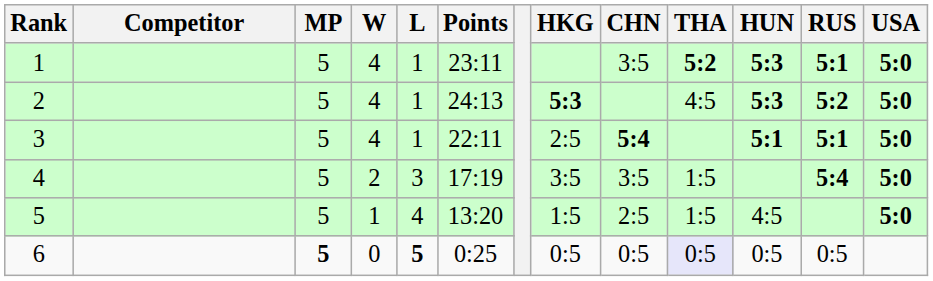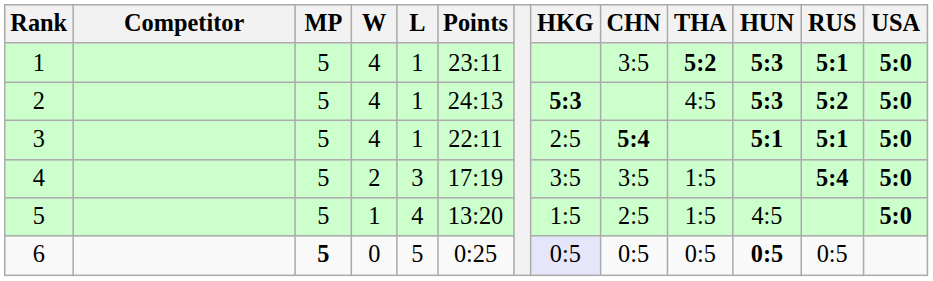 <table class="wikitable" style="text-align:center">
 <tr>
 <th>Rank</th>
 <th style="width:18em">Competitor</th>
 <th style="width:2.5em">MP</th>
 <th style="width:2.5em">W</th>
 <th style="width:2.5em">L</th>
 <th>Points</th>
 <th rowspan="7"> </th>
 <th style="width:2.5em">HKG</th>
 <th style="width:2.5em">CHN</th>
 <th style="width:2.5em">THA</th>
 <th style="width:2.5em">HUN</th>
 <th style="width:2.5em">RUS</th>
 <th style="width:2.5em">USA</th>
 </tr>
 <tr style="background:#cfc;">
 <td>1</td>
 <td style="text-align:left"></td>
 <td>5</td>
 <td>4</td>
 <td>1</td>
 <td>23:11</td>
 <td></td>
 <td>3:5</td>
 <td><strong>5:2</strong></td>
 <td><strong>5:3</strong></td>
 <td><strong>5:1</strong></td>
 <td><strong>5:0</strong></td>
 </tr>
 <tr style="background:#cfc;">
 <td>2</td>
 <td style="text-align:left"></td>
 <td>5</td>
 <td>4</td>
 <td>1</td>
 <td>24:13</td>
 <td><strong>5:3</strong></td>
 <td></td>
 <td>4:5</td>
 <td><strong>5:3</strong></td>
 <td><strong>5:2</strong></td>
 <td><strong>5:0</strong></td>
 </tr>
 <tr style="background:#cfc;">
 <td>3</td>
 <td style="text-align:left"></td>
 <td>5</td>
 <td>4</td>
 <td>1</td>
 <td>22:11</td>
 <td>2:5</td>
 <td><strong>5:4</strong></td>
 <td></td>
 <td><strong>5:1</strong></td>
 <td><strong>5:1</strong></td>
 <td><strong>5:0</strong></td>
 </tr>
 <tr style="background:#cfc;">
 <td>4</td>
 <td style="text-align:left"></td>
 <td>5</td>
 <td>2</td>
 <td>3</td>
 <td>17:19</td>
 <td>3:5</td>
 <td>3:5</td>
 <td>1:5</td>
 <td></td>
 <td><strong>5:4</strong></td>
 <td><strong>5:0</strong></td>
 </tr>
 <tr style="background:#cfc;">
 <td>5</td>
 <td style="text-align:left"></td>
 <td>5</td>
 <td>1</td>
 <td>4</td>
 <td>13:20</td>
 <td>1:5</td>
 <td>2:5</td>
 <td>1:5</td>
 <td>4:5</td>
 <td></td>
 <td><strong>5:0</strong></td>
 </tr>
 <tr>
 <td>6</td>
 <td style="text-align:left"></td>
 <td><strong>5</strong></td>
 <td>0</td>
-<td><strong>5</strong></td>
+<td>5</td>
 <td>0:25</td>
+<td style="background: lavender;">0:5</td>
 <td>0:5</td>
 <td>0:5</td>
-<td style="background: lavender;">0:5</td>
-<td>0:5</td>
+<td><strong>0:5</strong></td>
 <td>0:5</td>
 <td></td>
 </tr>
 </table>
